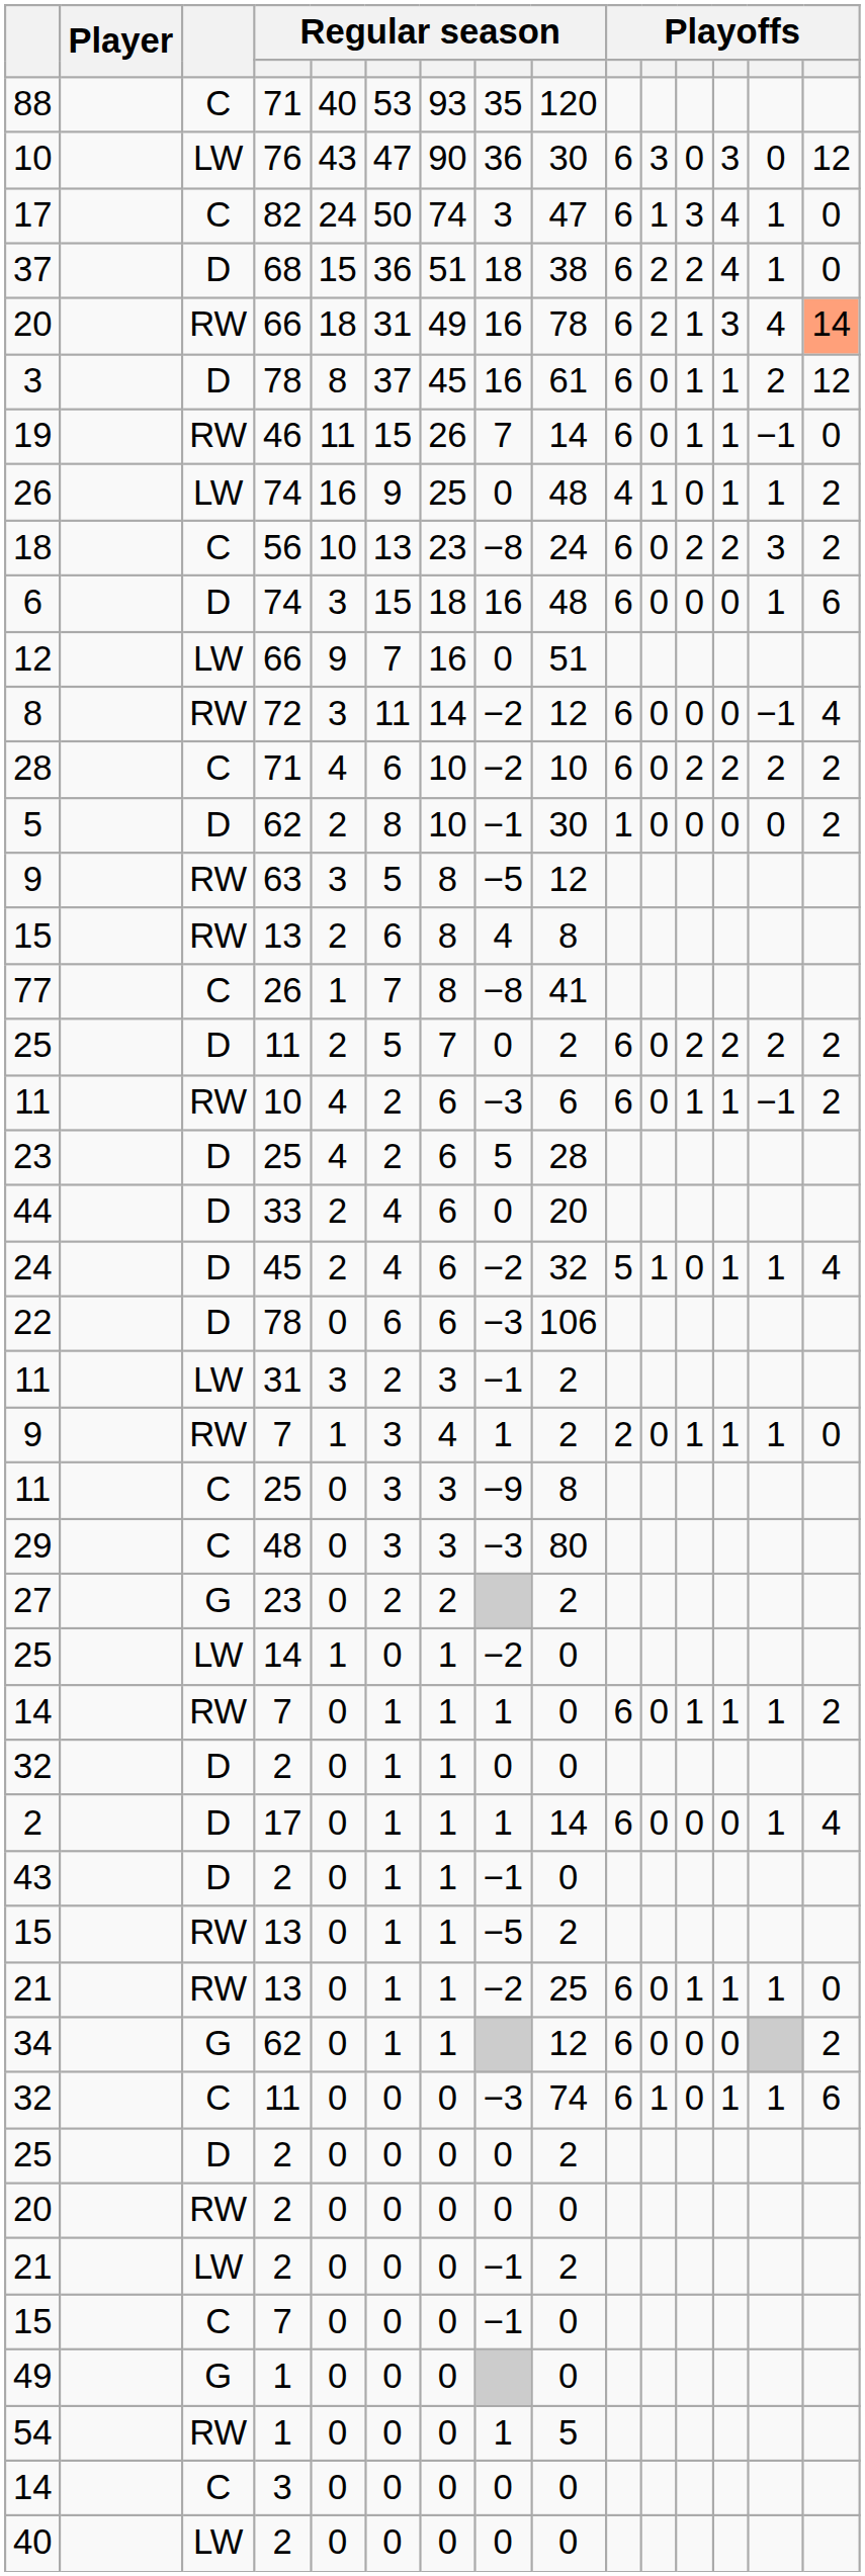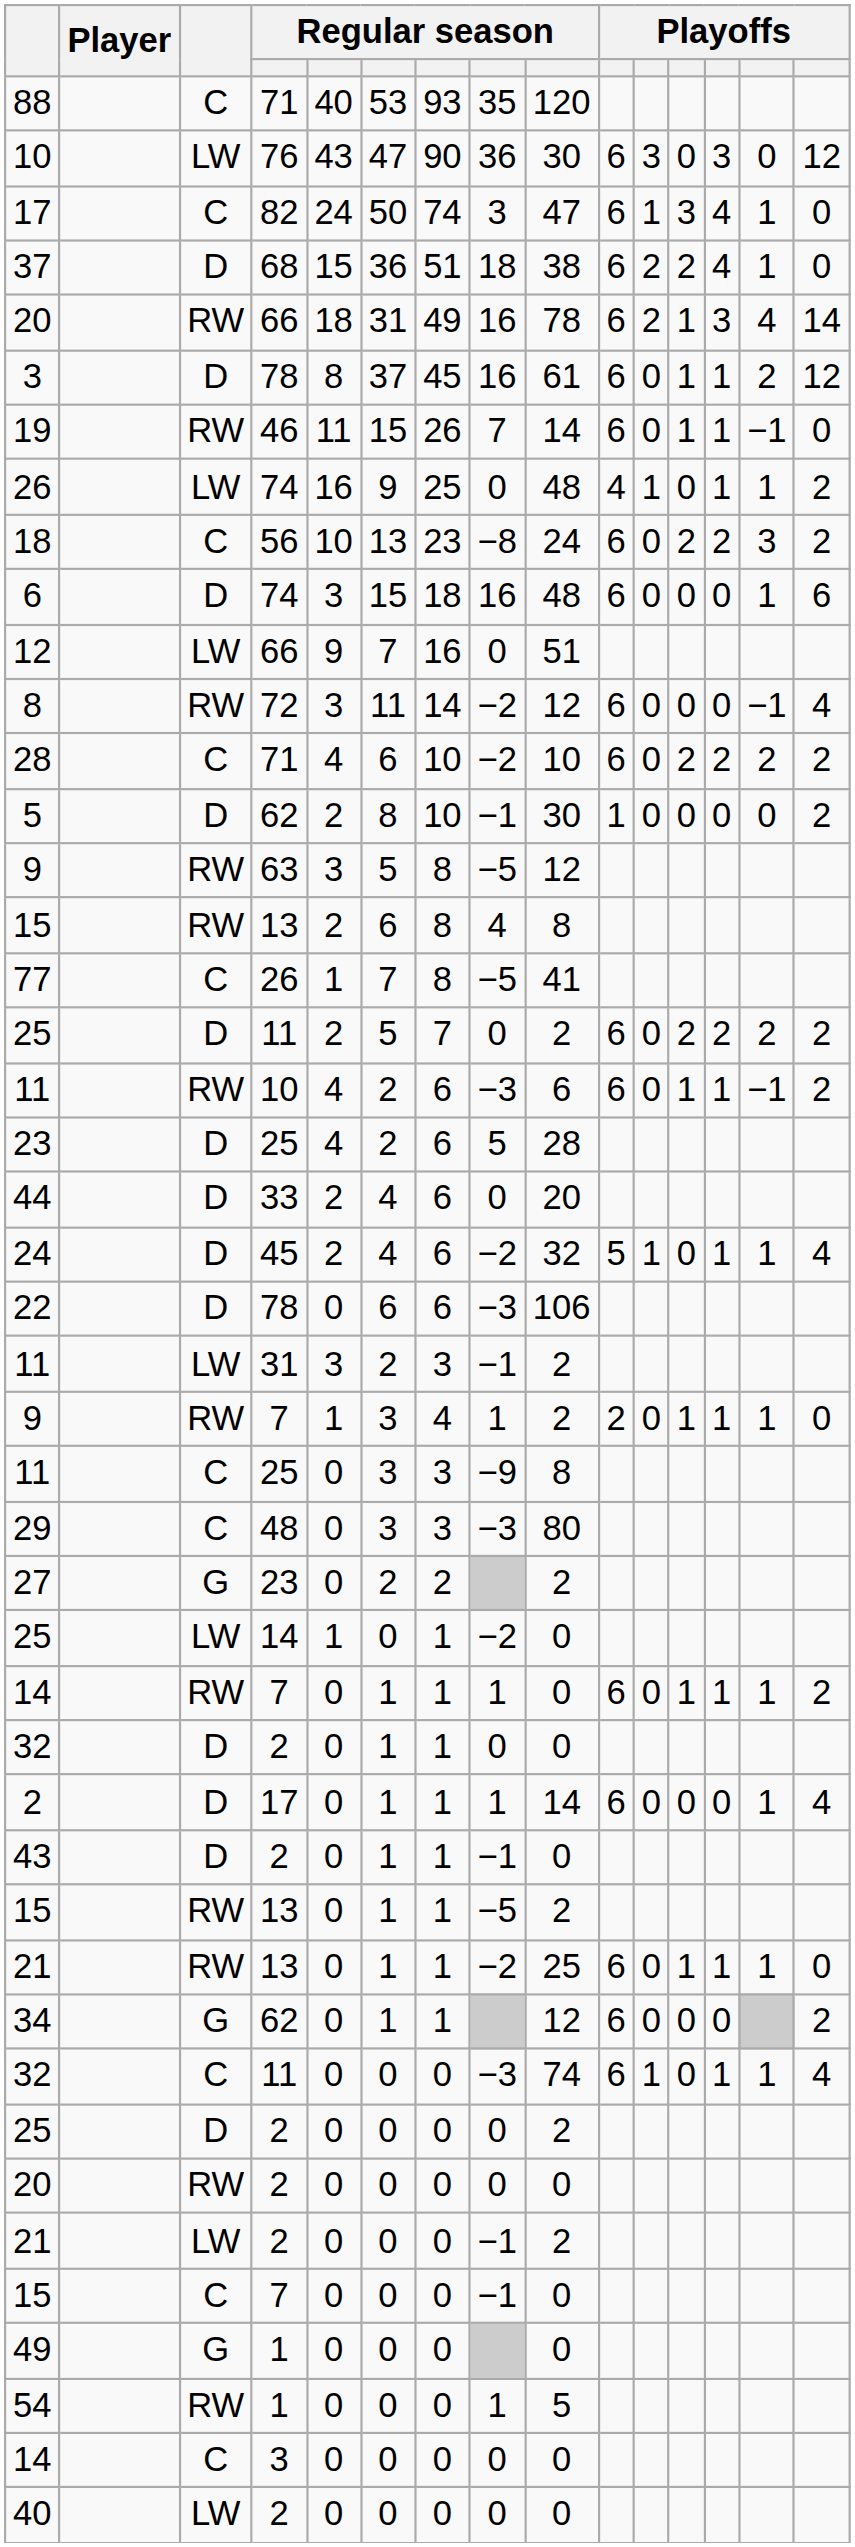 <table class="wikitable sortable plainrowheaders" style="text-align:center;">
 <tr>
 <th scope="col" data-sort-type="number" rowspan="2"></th>
 <th scope="col" rowspan="2">Player</th>
 <th scope="col" rowspan="2"></th>
 <th scope=colgroup colspan=6>Regular season</th>
 <th scope=colgroup colspan=6>Playoffs</th>
 </tr>
 <tr>
 <th scope="col" data-sort-type="number"></th>
 <th scope="col" data-sort-type="number"></th>
 <th scope="col" data-sort-type="number"></th>
 <th scope="col" data-sort-type="number"></th>
 <th scope="col" data-sort-type="number"></th>
 <th scope="col" data-sort-type="number"></th>
 <th scope="col" data-sort-type="number"></th>
 <th scope="col" data-sort-type="number"></th>
 <th scope="col" data-sort-type="number"></th>
 <th scope="col" data-sort-type="number"></th>
 <th scope="col" data-sort-type="number"></th>
 <th scope="col" data-sort-type="number"></th>
 </tr>
 <tr>
 <td scope="row">88</td>
 <td align="left"></td>
 <td>C</td>
 <td>71</td>
 <td>40</td>
 <td>53</td>
 <td>93</td>
 <td>35</td>
 <td>120</td>
 <td></td>
 <td></td>
 <td></td>
 <td></td>
 <td></td>
 <td></td>
 </tr>
 <tr>
 <td scope="row">10</td>
 <td align="left"></td>
 <td>LW</td>
 <td>76</td>
 <td>43</td>
 <td>47</td>
 <td>90</td>
 <td>36</td>
 <td>30</td>
 <td>6</td>
 <td>3</td>
 <td>0</td>
 <td>3</td>
 <td>0</td>
 <td>12</td>
 </tr>
 <tr>
 <td scope="row">17</td>
 <td align="left"></td>
 <td>C</td>
 <td>82</td>
 <td>24</td>
 <td>50</td>
 <td>74</td>
 <td>3</td>
 <td>47</td>
 <td>6</td>
 <td>1</td>
 <td>3</td>
 <td>4</td>
 <td>1</td>
 <td>0</td>
 </tr>
 <tr>
 <td scope="row">37</td>
 <td align="left"></td>
 <td>D</td>
 <td>68</td>
 <td>15</td>
 <td>36</td>
 <td>51</td>
 <td>18</td>
 <td>38</td>
 <td>6</td>
 <td>2</td>
 <td>2</td>
 <td>4</td>
 <td>1</td>
 <td>0</td>
 </tr>
 <tr>
 <td scope="row">20</td>
 <td align="left"></td>
 <td>RW</td>
 <td>66</td>
 <td>18</td>
 <td>31</td>
 <td>49</td>
 <td>16</td>
 <td>78</td>
 <td>6</td>
 <td>2</td>
 <td>1</td>
 <td>3</td>
 <td>4</td>
-<td style="background: lightsalmon;">14</td>
+<td>14</td>
 </tr>
 <tr>
 <td scope="row">3</td>
 <td align="left"></td>
 <td>D</td>
 <td>78</td>
 <td>8</td>
 <td>37</td>
 <td>45</td>
 <td>16</td>
 <td>61</td>
 <td>6</td>
 <td>0</td>
 <td>1</td>
 <td>1</td>
 <td>2</td>
 <td>12</td>
 </tr>
 <tr>
 <td scope="row">19</td>
 <td align="left"></td>
 <td>RW</td>
 <td>46</td>
 <td>11</td>
 <td>15</td>
 <td>26</td>
 <td>7</td>
 <td>14</td>
 <td>6</td>
 <td>0</td>
 <td>1</td>
 <td>1</td>
 <td>−1</td>
 <td>0</td>
 </tr>
 <tr>
 <td scope="row">26</td>
 <td align="left"></td>
 <td>LW</td>
 <td>74</td>
 <td>16</td>
 <td>9</td>
 <td>25</td>
 <td>0</td>
 <td>48</td>
 <td>4</td>
 <td>1</td>
 <td>0</td>
 <td>1</td>
 <td>1</td>
 <td>2</td>
 </tr>
 <tr>
 <td scope="row">18</td>
 <td align="left"></td>
 <td>C</td>
 <td>56</td>
 <td>10</td>
 <td>13</td>
 <td>23</td>
 <td>−8</td>
 <td>24</td>
 <td>6</td>
 <td>0</td>
 <td>2</td>
 <td>2</td>
 <td>3</td>
 <td>2</td>
 </tr>
 <tr>
 <td scope="row">6</td>
 <td align="left"></td>
 <td>D</td>
 <td>74</td>
 <td>3</td>
 <td>15</td>
 <td>18</td>
 <td>16</td>
 <td>48</td>
 <td>6</td>
 <td>0</td>
 <td>0</td>
 <td>0</td>
 <td>1</td>
 <td>6</td>
 </tr>
 <tr>
 <td scope="row">12</td>
 <td align="left"></td>
 <td>LW</td>
 <td>66</td>
 <td>9</td>
 <td>7</td>
 <td>16</td>
 <td>0</td>
 <td>51</td>
 <td></td>
 <td></td>
 <td></td>
 <td></td>
 <td></td>
 <td></td>
 </tr>
 <tr>
 <td scope="row">8</td>
 <td align="left"></td>
 <td>RW</td>
 <td>72</td>
 <td>3</td>
 <td>11</td>
 <td>14</td>
 <td>−2</td>
 <td>12</td>
 <td>6</td>
 <td>0</td>
 <td>0</td>
 <td>0</td>
 <td>−1</td>
 <td>4</td>
 </tr>
 <tr>
 <td scope="row">28</td>
 <td align="left"></td>
 <td>C</td>
 <td>71</td>
 <td>4</td>
 <td>6</td>
 <td>10</td>
 <td>−2</td>
 <td>10</td>
 <td>6</td>
 <td>0</td>
 <td>2</td>
 <td>2</td>
 <td>2</td>
 <td>2</td>
 </tr>
 <tr>
 <td scope="row">5</td>
 <td align="left"></td>
 <td>D</td>
 <td>62</td>
 <td>2</td>
 <td>8</td>
 <td>10</td>
 <td>−1</td>
 <td>30</td>
 <td>1</td>
 <td>0</td>
 <td>0</td>
 <td>0</td>
 <td>0</td>
 <td>2</td>
 </tr>
 <tr>
 <td scope="row">9</td>
 <td align="left"></td>
 <td>RW</td>
 <td>63</td>
 <td>3</td>
 <td>5</td>
 <td>8</td>
 <td>−5</td>
 <td>12</td>
 <td></td>
 <td></td>
 <td></td>
 <td></td>
 <td></td>
 <td></td>
 </tr>
 <tr>
 <td scope="row">15</td>
 <td align="left"></td>
 <td>RW</td>
 <td>13</td>
 <td>2</td>
 <td>6</td>
 <td>8</td>
 <td>4</td>
 <td>8</td>
 <td></td>
 <td></td>
 <td></td>
 <td></td>
 <td></td>
 <td></td>
 </tr>
 <tr>
 <td scope="row">77</td>
 <td align="left"></td>
 <td>C</td>
 <td>26</td>
 <td>1</td>
 <td>7</td>
 <td>8</td>
-<td>−8</td>
+<td>−5</td>
 <td>41</td>
 <td></td>
 <td></td>
 <td></td>
 <td></td>
 <td></td>
 <td></td>
 </tr>
 <tr>
 <td scope="row">25</td>
 <td align="left"></td>
 <td>D</td>
 <td>11</td>
 <td>2</td>
 <td>5</td>
 <td>7</td>
 <td>0</td>
 <td>2</td>
 <td>6</td>
 <td>0</td>
 <td>2</td>
 <td>2</td>
 <td>2</td>
 <td>2</td>
 </tr>
 <tr>
 <td scope="row">11</td>
 <td align="left"></td>
 <td>RW</td>
 <td>10</td>
 <td>4</td>
 <td>2</td>
 <td>6</td>
 <td>−3</td>
 <td>6</td>
 <td>6</td>
 <td>0</td>
 <td>1</td>
 <td>1</td>
 <td>−1</td>
 <td>2</td>
 </tr>
 <tr>
 <td scope="row">23</td>
 <td align="left"></td>
 <td>D</td>
 <td>25</td>
 <td>4</td>
 <td>2</td>
 <td>6</td>
 <td>5</td>
 <td>28</td>
 <td></td>
 <td></td>
 <td></td>
 <td></td>
 <td></td>
 <td></td>
 </tr>
 <tr>
 <td scope="row">44</td>
 <td align="left"></td>
 <td>D</td>
 <td>33</td>
 <td>2</td>
 <td>4</td>
 <td>6</td>
 <td>0</td>
 <td>20</td>
 <td></td>
 <td></td>
 <td></td>
 <td></td>
 <td></td>
 <td></td>
 </tr>
 <tr>
 <td scope="row">24</td>
 <td align="left"></td>
 <td>D</td>
 <td>45</td>
 <td>2</td>
 <td>4</td>
 <td>6</td>
 <td>−2</td>
 <td>32</td>
 <td>5</td>
 <td>1</td>
 <td>0</td>
 <td>1</td>
 <td>1</td>
 <td>4</td>
 </tr>
 <tr>
 <td scope="row">22</td>
 <td align="left"></td>
 <td>D</td>
 <td>78</td>
 <td>0</td>
 <td>6</td>
 <td>6</td>
 <td>−3</td>
 <td>106</td>
 <td></td>
 <td></td>
 <td></td>
 <td></td>
 <td></td>
 <td></td>
 </tr>
 <tr>
 <td scope="row">11</td>
 <td align="left"></td>
 <td>LW</td>
 <td>31</td>
 <td>3</td>
 <td>2</td>
 <td>3</td>
 <td>−1</td>
 <td>2</td>
 <td></td>
 <td></td>
 <td></td>
 <td></td>
 <td></td>
 <td></td>
 </tr>
 <tr>
 <td scope="row">9</td>
 <td align="left"></td>
 <td>RW</td>
 <td>7</td>
 <td>1</td>
 <td>3</td>
 <td>4</td>
 <td>1</td>
 <td>2</td>
 <td>2</td>
 <td>0</td>
 <td>1</td>
 <td>1</td>
 <td>1</td>
 <td>0</td>
 </tr>
 <tr>
 <td scope="row">11</td>
 <td align="left"></td>
 <td>C</td>
 <td>25</td>
 <td>0</td>
 <td>3</td>
 <td>3</td>
 <td>−9</td>
 <td>8</td>
 <td></td>
 <td></td>
 <td></td>
 <td></td>
 <td></td>
 <td></td>
 </tr>
 <tr>
 <td scope="row">29</td>
 <td align="left"></td>
 <td>C</td>
 <td>48</td>
 <td>0</td>
 <td>3</td>
 <td>3</td>
 <td>−3</td>
 <td>80</td>
 <td></td>
 <td></td>
 <td></td>
 <td></td>
 <td></td>
 <td></td>
 </tr>
 <tr>
 <td scope="row">27</td>
 <td align="left"></td>
 <td>G</td>
 <td>23</td>
 <td>0</td>
 <td>2</td>
 <td>2</td>
 <td style="background:#ccc"></td>
 <td>2</td>
 <td></td>
 <td></td>
 <td></td>
 <td></td>
 <td></td>
 <td></td>
 </tr>
 <tr>
 <td scope="row">25</td>
 <td align="left"></td>
 <td>LW</td>
 <td>14</td>
 <td>1</td>
 <td>0</td>
 <td>1</td>
 <td>−2</td>
 <td>0</td>
 <td></td>
 <td></td>
 <td></td>
 <td></td>
 <td></td>
 <td></td>
 </tr>
 <tr>
 <td scope="row">14</td>
 <td align="left"></td>
 <td>RW</td>
 <td>7</td>
 <td>0</td>
 <td>1</td>
 <td>1</td>
 <td>1</td>
 <td>0</td>
 <td>6</td>
 <td>0</td>
 <td>1</td>
 <td>1</td>
 <td>1</td>
 <td>2</td>
 </tr>
 <tr>
 <td scope="row">32</td>
 <td align="left"></td>
 <td>D</td>
 <td>2</td>
 <td>0</td>
 <td>1</td>
 <td>1</td>
 <td>0</td>
 <td>0</td>
 <td></td>
 <td></td>
 <td></td>
 <td></td>
 <td></td>
 <td></td>
 </tr>
 <tr>
 <td scope="row">2</td>
 <td align="left"></td>
 <td>D</td>
 <td>17</td>
 <td>0</td>
 <td>1</td>
 <td>1</td>
 <td>1</td>
 <td>14</td>
 <td>6</td>
 <td>0</td>
 <td>0</td>
 <td>0</td>
 <td>1</td>
 <td>4</td>
 </tr>
 <tr>
 <td scope="row">43</td>
 <td align="left"></td>
 <td>D</td>
 <td>2</td>
 <td>0</td>
 <td>1</td>
 <td>1</td>
 <td>−1</td>
 <td>0</td>
 <td></td>
 <td></td>
 <td></td>
 <td></td>
 <td></td>
 <td></td>
 </tr>
 <tr>
 <td scope="row">15</td>
 <td align="left"></td>
 <td>RW</td>
 <td>13</td>
 <td>0</td>
 <td>1</td>
 <td>1</td>
 <td>−5</td>
 <td>2</td>
 <td></td>
 <td></td>
 <td></td>
 <td></td>
 <td></td>
 <td></td>
 </tr>
 <tr>
 <td scope="row">21</td>
 <td align="left"></td>
 <td>RW</td>
 <td>13</td>
 <td>0</td>
 <td>1</td>
 <td>1</td>
 <td>−2</td>
 <td>25</td>
 <td>6</td>
 <td>0</td>
 <td>1</td>
 <td>1</td>
 <td>1</td>
 <td>0</td>
 </tr>
 <tr>
 <td scope="row">34</td>
 <td align="left"></td>
 <td>G</td>
 <td>62</td>
 <td>0</td>
 <td>1</td>
 <td>1</td>
 <td style="background:#ccc"></td>
 <td>12</td>
 <td>6</td>
 <td>0</td>
 <td>0</td>
 <td>0</td>
 <td style="background:#ccc"></td>
 <td>2</td>
 </tr>
 <tr>
 <td scope="row">32</td>
 <td align="left"></td>
 <td>C</td>
 <td>11</td>
 <td>0</td>
 <td>0</td>
 <td>0</td>
 <td>−3</td>
 <td>74</td>
 <td>6</td>
 <td>1</td>
 <td>0</td>
 <td>1</td>
 <td>1</td>
-<td>6</td>
+<td>4</td>
 </tr>
 <tr>
 <td scope="row">25</td>
 <td align="left"></td>
 <td>D</td>
 <td>2</td>
 <td>0</td>
 <td>0</td>
 <td>0</td>
 <td>0</td>
 <td>2</td>
 <td></td>
 <td></td>
 <td></td>
 <td></td>
 <td></td>
 <td></td>
 </tr>
 <tr>
 <td scope="row">20</td>
 <td align="left"></td>
 <td>RW</td>
 <td>2</td>
 <td>0</td>
 <td>0</td>
 <td>0</td>
 <td>0</td>
 <td>0</td>
 <td></td>
 <td></td>
 <td></td>
 <td></td>
 <td></td>
 <td></td>
 </tr>
 <tr>
 <td scope="row">21</td>
 <td align="left"></td>
 <td>LW</td>
 <td>2</td>
 <td>0</td>
 <td>0</td>
 <td>0</td>
 <td>−1</td>
 <td>2</td>
 <td></td>
 <td></td>
 <td></td>
 <td></td>
 <td></td>
 <td></td>
 </tr>
 <tr>
 <td scope="row">15</td>
 <td align="left"></td>
 <td>C</td>
 <td>7</td>
 <td>0</td>
 <td>0</td>
 <td>0</td>
 <td>−1</td>
 <td>0</td>
 <td></td>
 <td></td>
 <td></td>
 <td></td>
 <td></td>
 <td></td>
 </tr>
 <tr>
 <td scope="row">49</td>
 <td align="left"></td>
 <td>G</td>
 <td>1</td>
 <td>0</td>
 <td>0</td>
 <td>0</td>
 <td style="background:#ccc"></td>
 <td>0</td>
 <td></td>
 <td></td>
 <td></td>
 <td></td>
 <td></td>
 <td></td>
 </tr>
 <tr>
 <td scope="row">54</td>
 <td align="left"></td>
 <td>RW</td>
 <td>1</td>
 <td>0</td>
 <td>0</td>
 <td>0</td>
 <td>1</td>
 <td>5</td>
 <td></td>
 <td></td>
 <td></td>
 <td></td>
 <td></td>
 <td></td>
 </tr>
 <tr>
 <td scope="row">14</td>
 <td align="left"></td>
 <td>C</td>
 <td>3</td>
 <td>0</td>
 <td>0</td>
 <td>0</td>
 <td>0</td>
 <td>0</td>
 <td></td>
 <td></td>
 <td></td>
 <td></td>
 <td></td>
 <td></td>
 </tr>
 <tr>
 <td scope="row">40</td>
 <td align="left"></td>
 <td>LW</td>
 <td>2</td>
 <td>0</td>
 <td>0</td>
 <td>0</td>
 <td>0</td>
 <td>0</td>
 <td></td>
 <td></td>
 <td></td>
 <td></td>
 <td></td>
 <td></td>
 </tr>
 </table>
